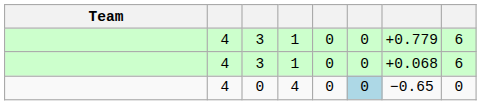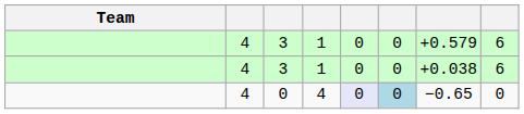 <table class="wikitable" style="text-align:center">
 <tr>
 <th style="width:175px;">Team</th>
 <th style="width:25px;"></th>
 <th style="width:25px;"></th>
 <th style="width:25px;"></th>
 <th style="width:25px;"></th>
 <th style="width:25px;"></th>
 <th style="width:45px;"></th>
 <th style="width:25px;"></th>
 </tr>
 <tr style="background:#cfc;">
 <td align="left"></td>
 <td>4</td>
 <td>3</td>
 <td>1</td>
 <td>0</td>
 <td>0</td>
-<td>+0.779</td>
+<td>+0.579</td>
 <td>6</td>
 </tr>
 <tr style="background:#cfc;">
 <td align="left"></td>
 <td>4</td>
 <td>3</td>
 <td>1</td>
 <td>0</td>
 <td>0</td>
-<td>+0.068</td>
+<td>+0.038</td>
 <td>6</td>
 </tr>
 <tr>
 <td align="left"></td>
 <td>4</td>
 <td>0</td>
 <td>4</td>
-<td>0</td>
+<td style="background: lavender;">0</td>
 <td style="background: lightblue;">0</td>
 <td>−0.65</td>
 <td>0</td>
 </tr>
 </table>
